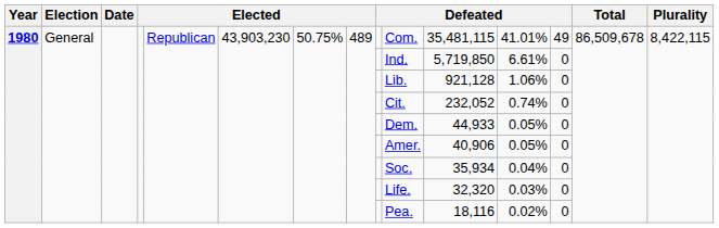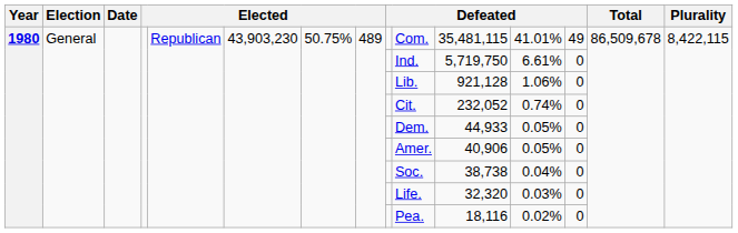 <table class="wikitable">
 <tr>
 <th>Year</th>
 <th>Election</th>
 <th>Date</th>
 <th colspan="5">Elected</th>
 <th colspan="5">Defeated</th>
 <th>Total</th>
 <th>Plurality</th>
 </tr>
 <tr>
 <th rowspan="9" valign="top"><a href='#'>1980</a></th>
 <td rowspan="9" valign="top">General</td>
 <td rowspan="9" valign="top"></td>
 <td rowspan="9" valign="top"></td>
 <td rowspan="9" valign="top" ><a href='#'>Republican</a></td>
 <td rowspan="9" valign="top" align="right">43,903,230</td>
 <td rowspan="9" valign="top" align="right">50.75%</td>
 <td rowspan="9" valign="top" align="right">489</td>
 <td valign="top"></td>
 <td valign="top" ><a href='#'>Com.</a></td>
 <td valign="top" align="right">35,481,115</td>
 <td valign="top" align="right">41.01%</td>
 <td valign="top" align="right">49</td>
 <td rowspan="9" valign="top" align="right">86,509,678</td>
 <td rowspan="9" valign="top" align="right">8,422,115</td>
 </tr>
 <tr>
 <td valign="top"></td>
 <td valign="top" ><a href='#'>Ind.</a></td>
-<td valign="top" align="right">5,719,850</td>
+<td valign="top" align="right">5,719,750</td>
 <td valign="top" align="right">6.61%</td>
 <td valign="top" align="right">0</td>
 </tr>
 <tr>
 <td></td>
 <td valign="top" ><a href='#'>Lib.</a></td>
 <td valign="top" align="right">921,128</td>
 <td valign="top" align="right">1.06%</td>
 <td valign="top" align="right">0</td>
 </tr>
 <tr>
 <td></td>
 <td valign="top" ><a href='#'>Cit.</a></td>
 <td valign="top" align="right">232,052</td>
 <td valign="top" align="right">0.74%</td>
 <td valign="top" align="right">0</td>
 </tr>
 <tr>
 <td></td>
 <td valign="top" ><a href='#'>Dem.</a></td>
 <td valign="top" align="right">44,933</td>
 <td valign="top" align="right">0.05%</td>
 <td valign="top" align="right">0</td>
 </tr>
 <tr>
 <td></td>
 <td valign="top" ><a href='#'>Amer.</a></td>
 <td valign="top" align="right">40,906</td>
 <td valign="top" align="right">0.05%</td>
 <td valign="top" align="right">0</td>
 </tr>
 <tr>
 <td></td>
 <td valign="top" ><a href='#'>Soc.</a></td>
-<td valign="top" align="right">35,934</td>
+<td valign="top" align="right">38,738</td>
 <td valign="top" align="right">0.04%</td>
 <td valign="top" align="right">0</td>
 </tr>
 <tr>
 <td></td>
 <td valign="top" ><a href='#'>Life.</a></td>
 <td valign="top" align="right">32,320</td>
 <td valign="top" align="right">0.03%</td>
 <td valign="top" align="right">0</td>
 </tr>
 <tr>
 <td></td>
 <td valign="top" ><a href='#'>Pea.</a></td>
 <td valign="top" align="right">18,116</td>
 <td valign="top" align="right">0.02%</td>
 <td valign="top" align="right">0</td>
 </tr>
 </table>
